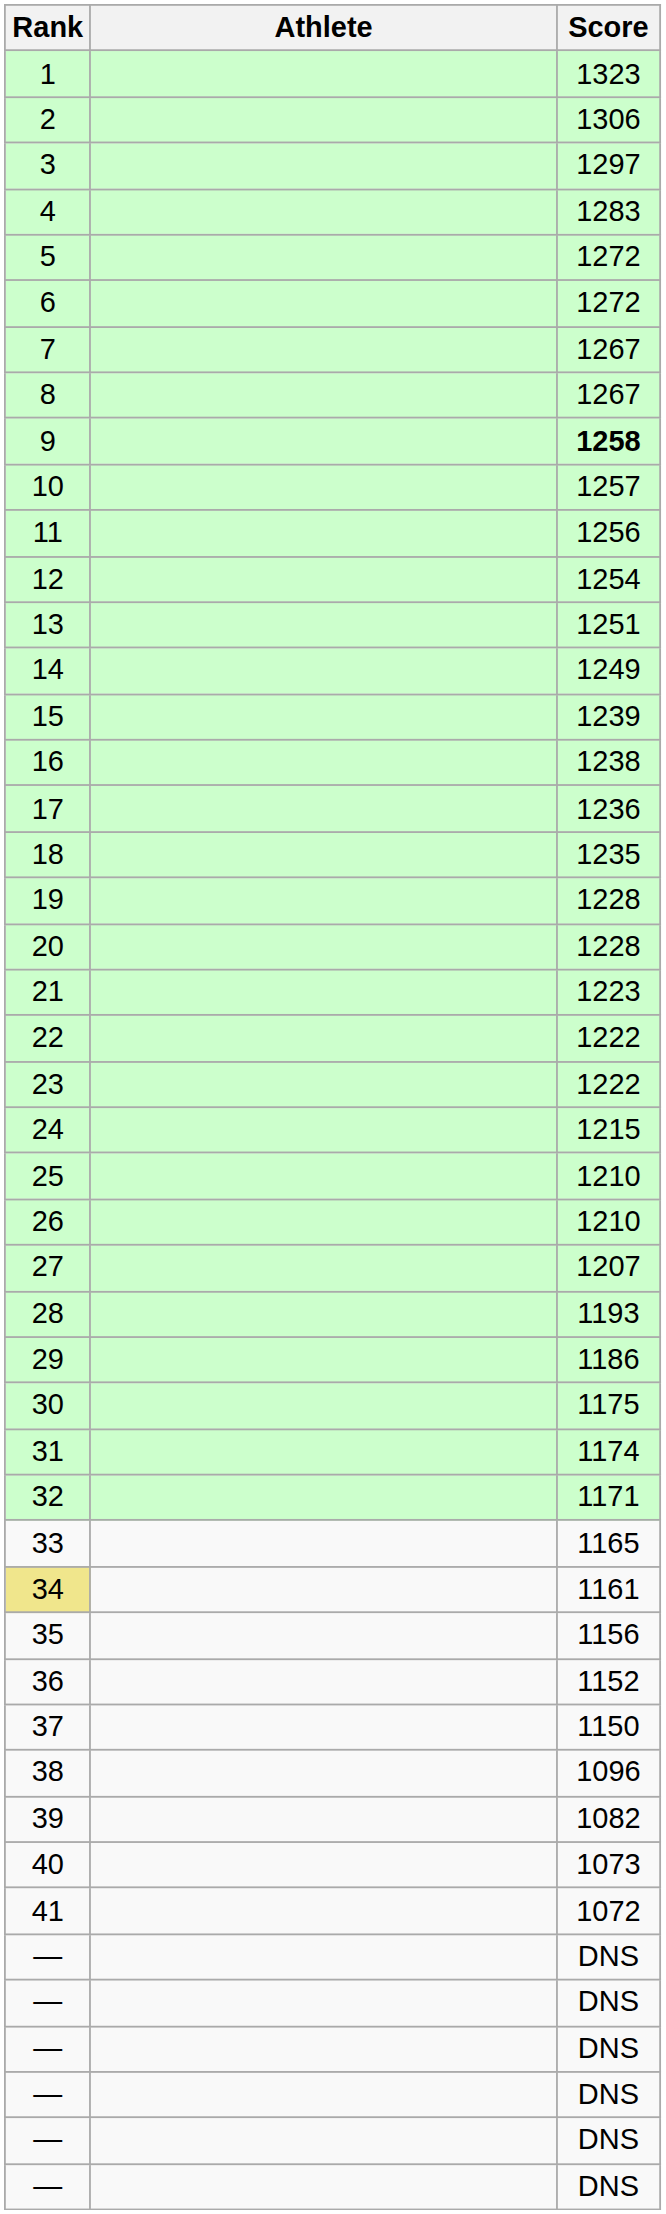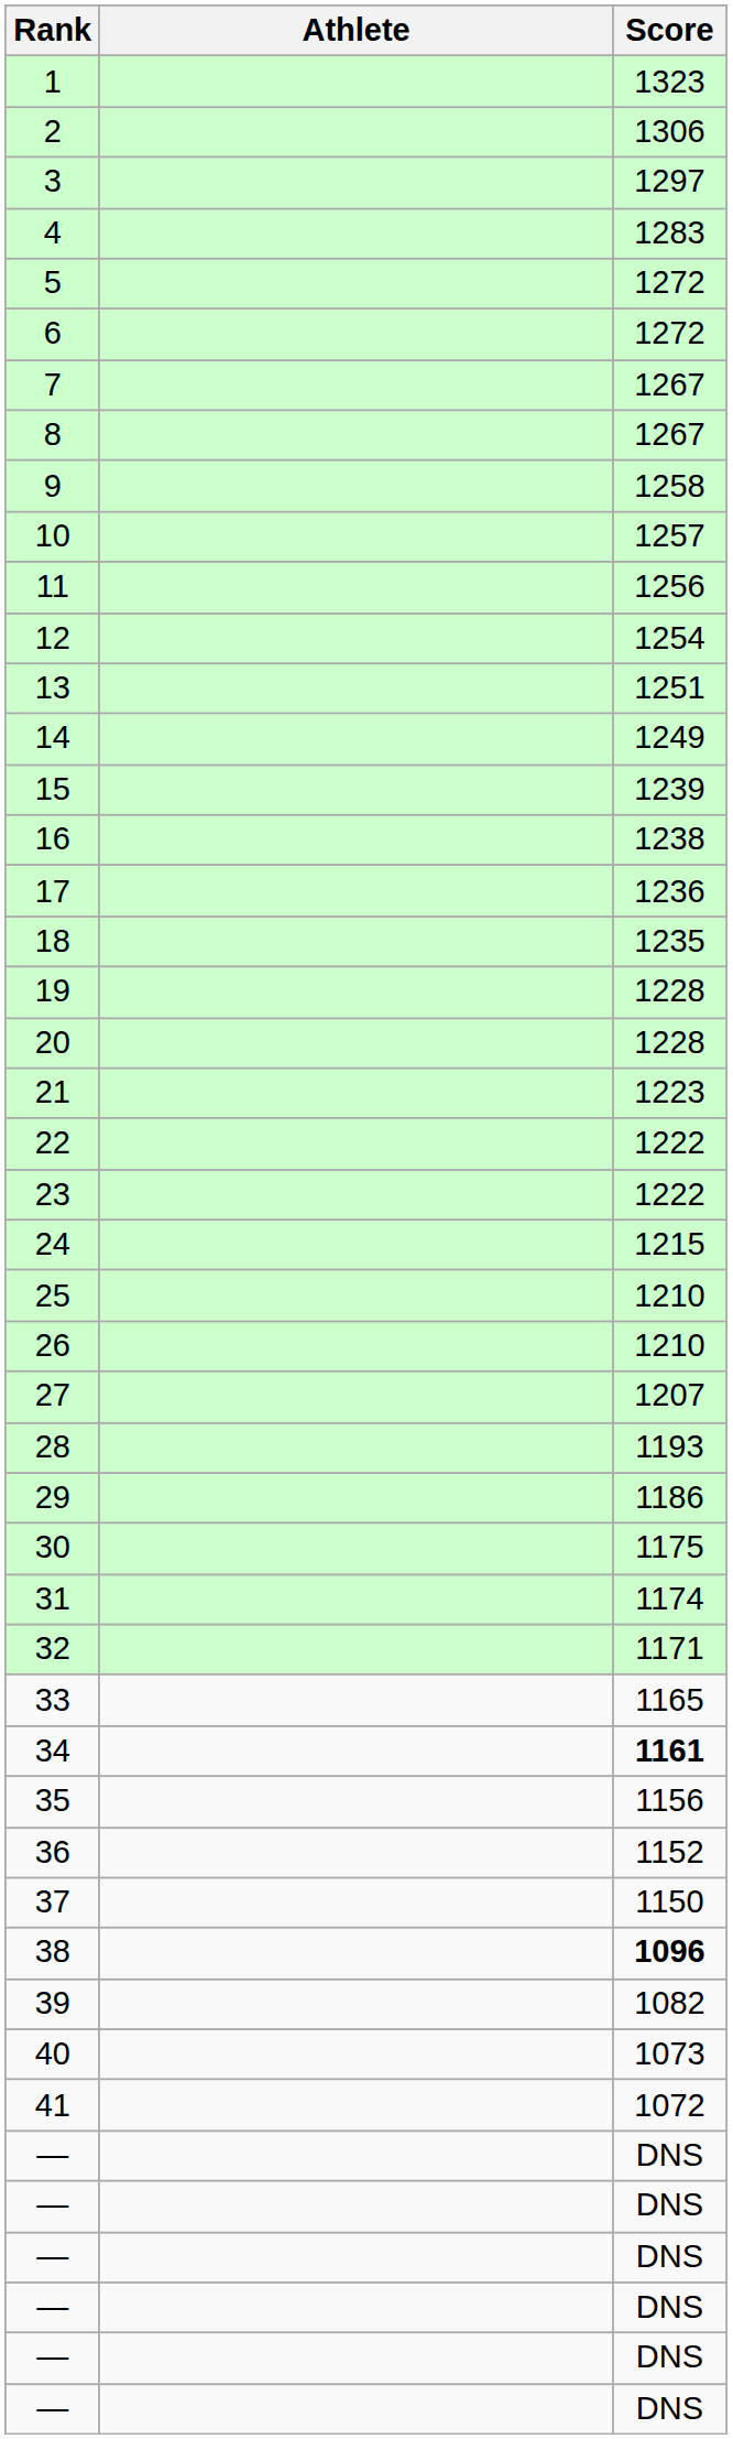 <table class="wikitable" style="text-align:center">
 <tr>
 <th width=40>Rank</th>
 <th width=250>Athlete</th>
 <th width=50>Score</th>
 </tr>
 <tr bgcolor="ccffcc">
 <td>1</td>
 <td align=left></td>
 <td>1323</td>
 </tr>
 <tr bgcolor="ccffcc">
 <td>2</td>
 <td align=left></td>
 <td>1306</td>
 </tr>
 <tr bgcolor="ccffcc">
 <td>3</td>
 <td align=left></td>
 <td>1297</td>
 </tr>
 <tr bgcolor="ccffcc">
 <td>4</td>
 <td align=left></td>
 <td>1283</td>
 </tr>
 <tr bgcolor="ccffcc">
 <td>5</td>
 <td align=left></td>
 <td>1272</td>
 </tr>
 <tr bgcolor="ccffcc">
 <td>6</td>
 <td align=left></td>
 <td>1272</td>
 </tr>
 <tr bgcolor="ccffcc">
 <td>7</td>
 <td align=left></td>
 <td>1267</td>
 </tr>
 <tr bgcolor="ccffcc">
 <td>8</td>
 <td align=left></td>
 <td>1267</td>
 </tr>
 <tr bgcolor="ccffcc">
 <td>9</td>
 <td align=left></td>
-<td><strong>1258</strong></td>
+<td>1258</td>
 </tr>
 <tr bgcolor="ccffcc">
 <td>10</td>
 <td align=left></td>
 <td>1257</td>
 </tr>
 <tr bgcolor="ccffcc">
 <td>11</td>
 <td align=left></td>
 <td>1256</td>
 </tr>
 <tr bgcolor="ccffcc">
 <td>12</td>
 <td align=left></td>
 <td>1254</td>
 </tr>
 <tr bgcolor="ccffcc">
 <td>13</td>
 <td align=left></td>
 <td>1251</td>
 </tr>
 <tr bgcolor="ccffcc">
 <td>14</td>
 <td align=left></td>
 <td>1249</td>
 </tr>
 <tr bgcolor="ccffcc">
 <td>15</td>
 <td align=left></td>
 <td>1239</td>
 </tr>
 <tr bgcolor="ccffcc">
 <td>16</td>
 <td align=left></td>
 <td>1238</td>
 </tr>
 <tr bgcolor="ccffcc">
 <td>17</td>
 <td align=left></td>
 <td>1236</td>
 </tr>
 <tr bgcolor="ccffcc">
 <td>18</td>
 <td align=left></td>
 <td>1235</td>
 </tr>
 <tr bgcolor="ccffcc">
 <td>19</td>
 <td align=left></td>
 <td>1228</td>
 </tr>
 <tr bgcolor="ccffcc">
 <td>20</td>
 <td align=left></td>
 <td>1228</td>
 </tr>
 <tr bgcolor="ccffcc">
 <td>21</td>
 <td align=left></td>
 <td>1223</td>
 </tr>
 <tr bgcolor="ccffcc">
 <td>22</td>
 <td align=left></td>
 <td>1222</td>
 </tr>
 <tr bgcolor="ccffcc">
 <td>23</td>
 <td align=left></td>
 <td>1222</td>
 </tr>
 <tr bgcolor="ccffcc">
 <td>24</td>
 <td align=left></td>
 <td>1215</td>
 </tr>
 <tr bgcolor="ccffcc">
 <td>25</td>
 <td align=left></td>
 <td>1210</td>
 </tr>
 <tr bgcolor="ccffcc">
 <td>26</td>
 <td align=left></td>
 <td>1210</td>
 </tr>
 <tr bgcolor="ccffcc">
 <td>27</td>
 <td align=left></td>
 <td>1207</td>
 </tr>
 <tr bgcolor="ccffcc">
 <td>28</td>
 <td align=left></td>
 <td>1193</td>
 </tr>
 <tr bgcolor="ccffcc">
 <td>29</td>
 <td align=left></td>
 <td>1186</td>
 </tr>
 <tr bgcolor="ccffcc">
 <td>30</td>
 <td align=left></td>
 <td>1175</td>
 </tr>
 <tr bgcolor="ccffcc">
 <td>31</td>
 <td align=left></td>
 <td>1174</td>
 </tr>
 <tr bgcolor="ccffcc">
 <td>32</td>
 <td align=left></td>
 <td>1171</td>
 </tr>
 <tr>
 <td>33</td>
 <td align=left></td>
 <td>1165</td>
 </tr>
 <tr>
-<td style="background: khaki;">34</td>
+<td>34</td>
 <td align=left></td>
-<td>1161</td>
+<td><strong>1161</strong></td>
 </tr>
 <tr>
 <td>35</td>
 <td align=left></td>
 <td>1156</td>
 </tr>
 <tr>
 <td>36</td>
 <td align=left></td>
 <td>1152</td>
 </tr>
 <tr>
 <td>37</td>
 <td align=left></td>
 <td>1150</td>
 </tr>
 <tr>
 <td>38</td>
 <td align=left></td>
-<td>1096</td>
+<td><strong>1096</strong></td>
 </tr>
 <tr>
 <td>39</td>
 <td align=left></td>
 <td>1082</td>
 </tr>
 <tr>
 <td>40</td>
 <td align=left></td>
 <td>1073</td>
 </tr>
 <tr>
 <td>41</td>
 <td align=left></td>
 <td>1072</td>
 </tr>
 <tr>
 <td>—</td>
 <td align=left></td>
 <td>DNS</td>
 </tr>
 <tr>
 <td>—</td>
 <td align=left></td>
 <td>DNS</td>
 </tr>
 <tr>
 <td>—</td>
 <td align=left></td>
 <td>DNS</td>
 </tr>
 <tr>
 <td>—</td>
 <td align=left></td>
 <td>DNS</td>
 </tr>
 <tr>
 <td>—</td>
 <td align=left></td>
 <td>DNS</td>
 </tr>
 <tr>
 <td>—</td>
 <td align=left></td>
 <td>DNS</td>
 </tr>
 </table>
